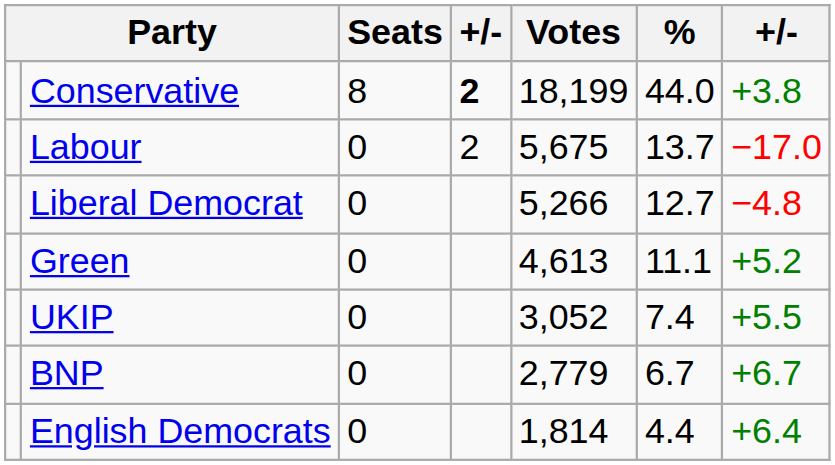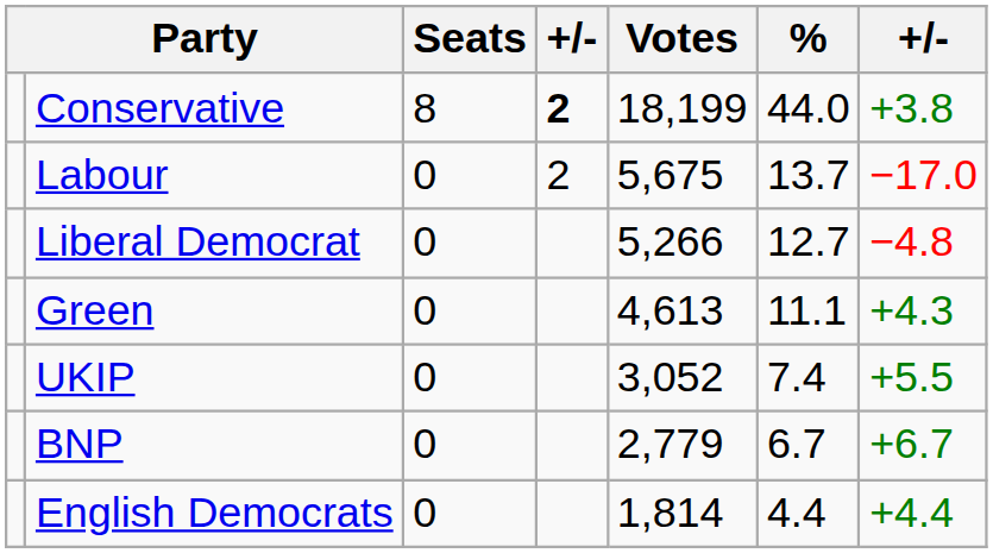 <table class="wikitable">
 <tr>
 <th colspan="2">Party</th>
 <th>Seats</th>
 <th>+/-</th>
 <th>Votes</th>
 <th>%</th>
 <th>+/-</th>
 </tr>
 <tr>
 <td style="background-color: "></td>
 <td><a href='#'>Conservative</a></td>
 <td>8</td>
 <td><strong> 2</strong></td>
 <td>18,199</td>
 <td>44.0</td>
 <td style="color:green">+3.8</td>
 </tr>
 <tr>
 <td style="background-color: "></td>
 <td><a href='#'>Labour</a></td>
 <td>0</td>
 <td> 2</td>
 <td>5,675</td>
 <td>13.7</td>
 <td style="color:red">−17.0</td>
 </tr>
 <tr>
 <td style="background-color: "></td>
 <td><a href='#'>Liberal Democrat</a></td>
 <td>0</td>
 <td></td>
 <td>5,266</td>
 <td>12.7</td>
 <td style="color:red">−4.8</td>
 </tr>
 <tr>
 <td style="background-color: "></td>
 <td><a href='#'>Green</a></td>
 <td>0</td>
 <td></td>
 <td>4,613</td>
 <td>11.1</td>
-<td style="color:green">+5.2</td>
+<td style="color:green">+4.3</td>
 </tr>
 <tr>
 <td style="background-color: "></td>
 <td><a href='#'>UKIP</a></td>
 <td>0</td>
 <td></td>
 <td>3,052</td>
 <td>7.4</td>
 <td style="color:green">+5.5</td>
 </tr>
 <tr>
 <td style="background-color: "></td>
 <td><a href='#'>BNP</a></td>
 <td>0</td>
 <td></td>
 <td>2,779</td>
 <td>6.7</td>
 <td style="color:green">+6.7</td>
 </tr>
 <tr>
 <td style="background-color: "></td>
 <td><a href='#'>English Democrats</a></td>
 <td>0</td>
 <td></td>
 <td>1,814</td>
 <td>4.4</td>
-<td style="color:green">+6.4</td>
+<td style="color:green">+4.4</td>
 </tr>
 </table>
